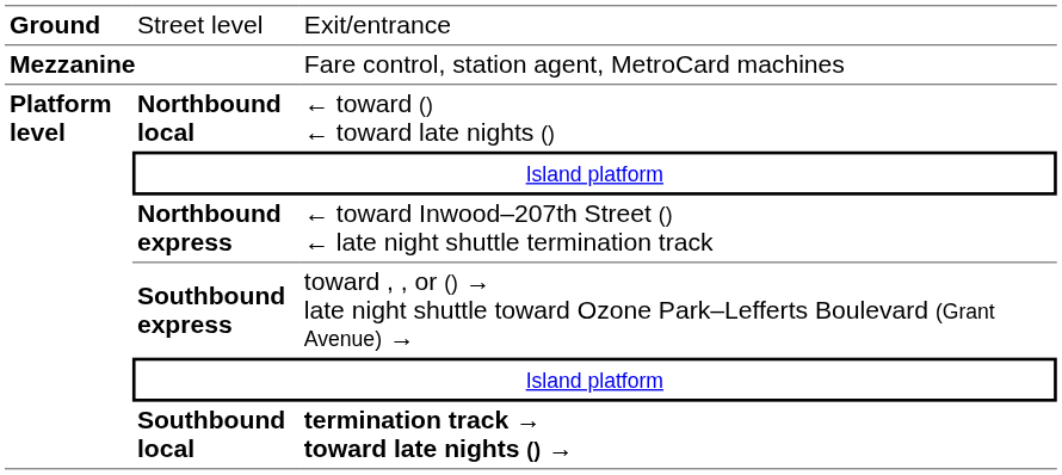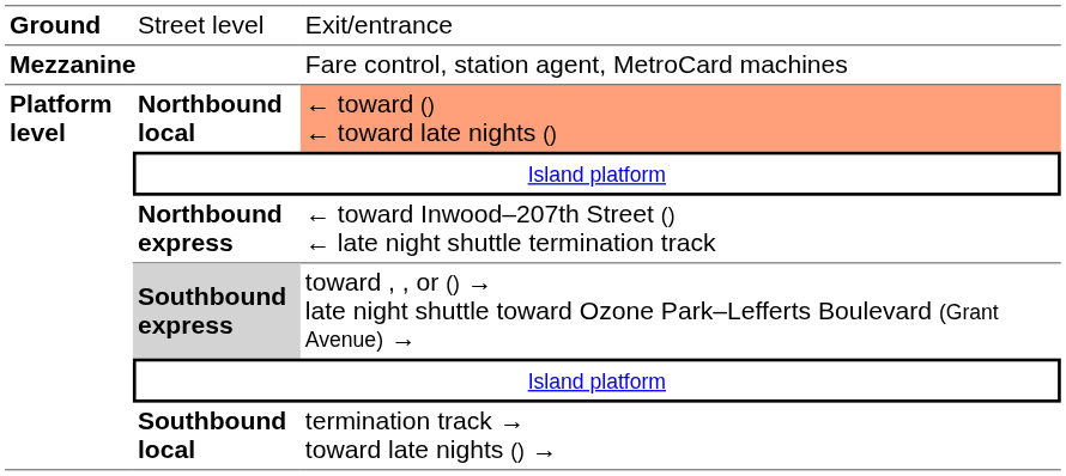 <table table border=0 cellspacing=0 cellpadding=3>
 <tr>
 <td style="border-top:solid 1px gray;" width=75><strong>Ground</strong></td>
 <td style="border-top:solid 1px gray;" width=100>Street level</td>
 <td style="border-top:solid 1px gray;" width=475>Exit/entrance</td>
 </tr>
 <tr>
 <td style="border-top:solid 1px gray;" colspan=2><strong>Mezzanine</strong></td>
 <td style="border-top:solid 1px gray;">Fare control, station agent, MetroCard machines<br></td>
 </tr>
 <tr>
 <td style="border-top:solid 1px gray;border-bottom:solid 1px gray;vertical-align:top;" rowspan=6><strong>Platform level</strong></td>
 <td style="border-top:solid 1px gray;"><span><strong>Northbound local</strong></span></td>
-<td style="border-top:solid 1px gray;">←  toward  <small>()</small><br>←  toward  late nights <small>()</small></td>
+<td style="background: lightsalmon; border-top:solid 1px gray;">←  toward  <small>()</small><br>←  toward  late nights <small>()</small></td>
 </tr>
 <tr>
 <td style="border-top:solid 2px black;border-right:solid 2px black;border-left:solid 2px black;border-bottom:solid 2px black;text-align:center;" colspan=2><small><a href='#'>Island platform</a> </small></td>
 </tr>
 <tr>
 <td style="border-bottom:solid 1px gray;"><span><strong>Northbound express</strong></span></td>
 <td style="border-bottom:solid 1px gray;">←  toward Inwood–207th Street <small>()</small><br>←  late night shuttle termination track</td>
 </tr>
 <tr>
-<td><span><strong>Southbound express</strong></span></td>
+<td style="background: lightgrey;"><span><strong>Southbound express</strong></span></td>
 <td>  toward , , or  <small>()</small> →<br>  late night shuttle toward Ozone Park–Lefferts Boulevard <small>(Grant Avenue)</small> →</td>
 </tr>
 <tr>
 <td style="border-top:solid 2px black;border-right:solid 2px black;border-left:solid 2px black;border-bottom:solid 2px black;text-align:center;" colspan=2><small><a href='#'>Island platform</a> </small></td>
 </tr>
 <tr>
 <td style="border-bottom:solid 1px gray;"><span><strong>Southbound local</strong></span></td>
-<td style="border-bottom:solid 1px gray;"><strong>  termination track →<br>  toward  late nights <small>()</small> →</strong></td>
+<td style="border-bottom:solid 1px gray;">  termination track →<br>  toward  late nights <small>()</small> →</td>
 </tr>
 </table>
